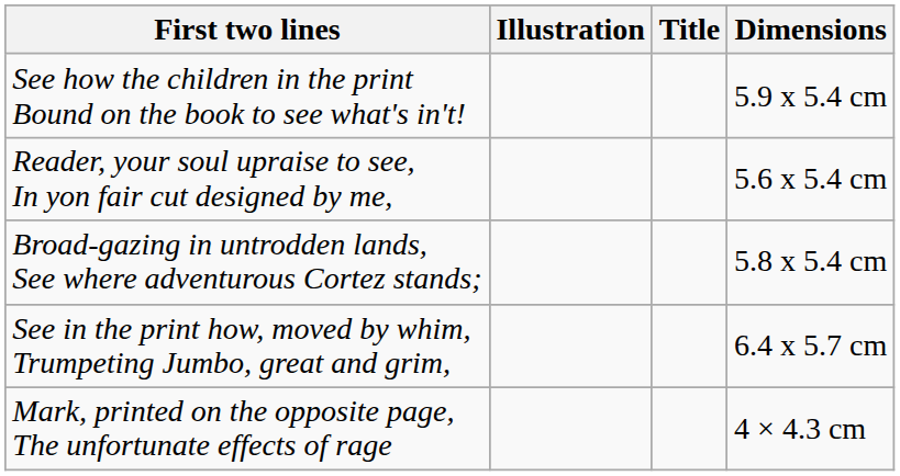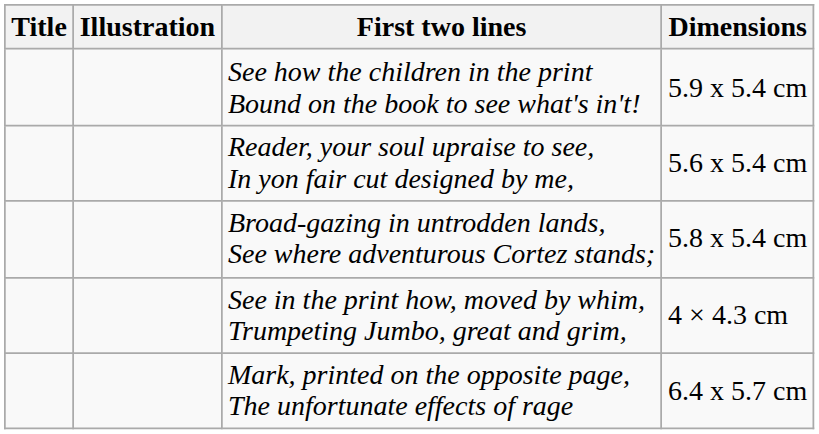 <table class="wikitable center">
 <tr>
+<th>Title</th>
+<th>Illustration</th>
 <th><strong>First two lines</strong></th>
-<th>Illustration</th>
-<th>Title</th>
 <th>Dimensions</th>
 </tr>
 <tr>
-<td><em>See how the children in the print</em><br><em>Bound on the book to see what's in't!</em></td>
 <td></td>
 <td></td>
+<td><em>See how the children in the print</em><br><em>Bound on the book to see what's in't!</em></td>
 <td>5.9 x 5.4 cm</td>
 </tr>
 <tr>
-<td><em>Reader, your soul upraise to see,</em><br><em>In yon fair cut designed by me,</em></td>
 <td></td>
 <td></td>
+<td><em>Reader, your soul upraise to see,</em><br><em>In yon fair cut designed by me,</em></td>
 <td>5.6 x 5.4 cm</td>
 </tr>
 <tr>
+<td><em></em></td>
+<td></td>
 <td><em>Broad-gazing in untrodden lands,</em><br><em>See where adventurous Cortez stands;</em></td>
-<td></td>
-<td><em></em></td>
 <td>5.8 x 5.4 cm</td>
 </tr>
 <tr>
-<td><em>See in the print how, moved by whim,</em><br><em>Trumpeting Jumbo, great and grim,</em></td>
 <td></td>
 <td></td>
+<td><em>See in the print how, moved by whim,</em><br><em>Trumpeting Jumbo, great and grim,</em></td>
+<td>4 × 4.3 cm</td>
+</tr>
+<tr>
+<td></td>
+<td></td>
+<td><em>Mark, printed on the opposite page,</em><br><em>The unfortunate effects of rage</em></td>
 <td>6.4 x 5.7 cm</td>
 </tr>
-<tr>
-<td><em>Mark, printed on the opposite page,</em><br><em>The unfortunate effects of rage</em></td>
-<td></td>
-<td></td>
-<td>4 × 4.3 cm</td>
-</tr>
 </table>
